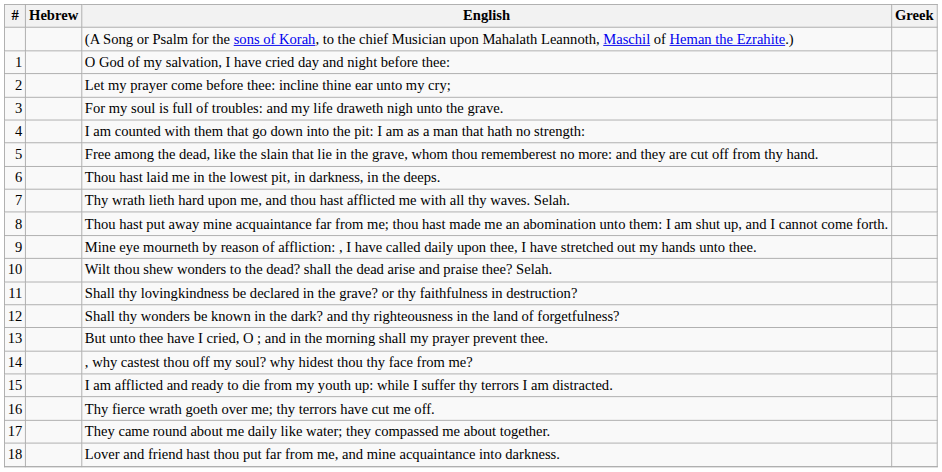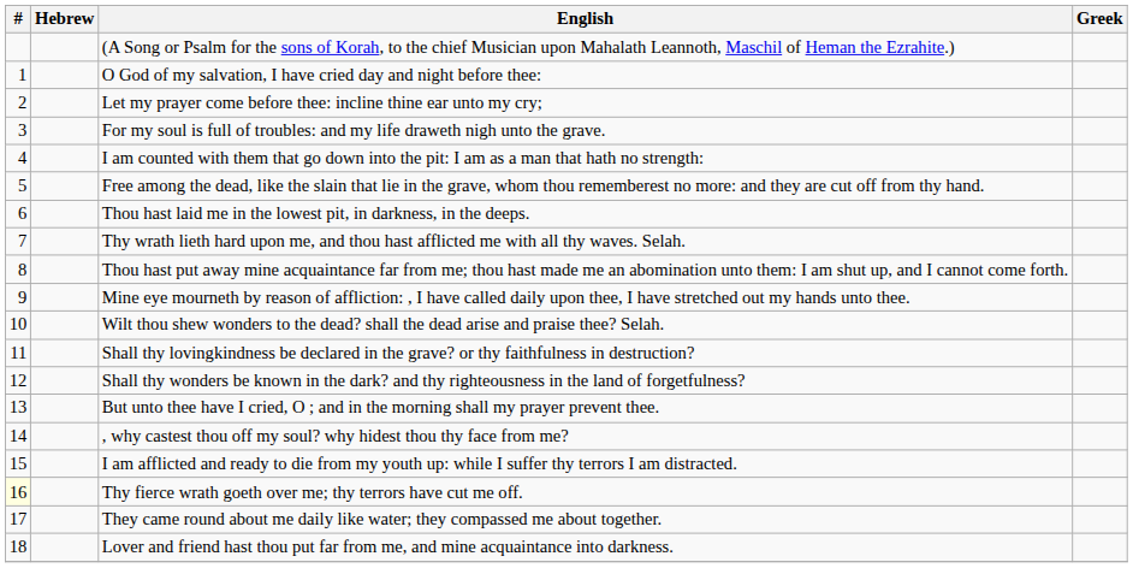 <table class=wikitable>
 <tr>
 <th>#</th>
 <th>Hebrew</th>
 <th>English</th>
 <th>Greek</th>
 </tr>
 <tr>
 <td style="text-align:right"></td>
 <td style="text-align:right"></td>
 <td>(A Song or Psalm for the <a href='#'>sons of Korah</a>, to the chief Musician upon Mahalath Leannoth, <a href='#'>Maschil</a> of <a href='#'>Heman the Ezrahite</a>.)</td>
 <td></td>
 </tr>
 <tr>
 <td style="text-align:right">1</td>
 <td style="text-align:right"></td>
 <td>O  God of my salvation, I have cried day and night before thee:</td>
 <td></td>
 </tr>
 <tr>
 <td style="text-align:right">2</td>
 <td style="text-align:right"></td>
 <td>Let my prayer come before thee: incline thine ear unto my cry;</td>
 <td></td>
 </tr>
 <tr>
 <td style="text-align:right">3</td>
 <td style="text-align:right"></td>
 <td>For my soul is full of troubles: and my life draweth nigh unto the grave.</td>
 <td></td>
 </tr>
 <tr>
 <td style="text-align:right">4</td>
 <td style="text-align:right"></td>
 <td>I am counted with them that go down into the pit: I am as a man that hath no strength:</td>
 <td></td>
 </tr>
 <tr>
 <td style="text-align:right">5</td>
 <td style="text-align:right"></td>
 <td>Free among the dead, like the slain that lie in the grave, whom thou rememberest no more: and they are cut off from thy hand.</td>
 <td></td>
 </tr>
 <tr>
 <td style="text-align:right">6</td>
 <td style="text-align:right"></td>
 <td>Thou hast laid me in the lowest pit, in darkness, in the deeps.</td>
 <td></td>
 </tr>
 <tr>
 <td style="text-align:right">7</td>
 <td style="text-align:right"></td>
 <td>Thy wrath lieth hard upon me, and thou hast afflicted me with all thy waves. Selah.</td>
 <td></td>
 </tr>
 <tr>
 <td style="text-align:right">8</td>
 <td style="text-align:right"></td>
 <td>Thou hast put away mine acquaintance far from me; thou hast made me an abomination unto them: I am shut up, and I cannot come forth.</td>
 <td></td>
 </tr>
 <tr>
 <td style="text-align:right">9</td>
 <td style="text-align:right"></td>
 <td>Mine eye mourneth by reason of affliction: , I have called daily upon thee, I have stretched out my hands unto thee.</td>
 <td></td>
 </tr>
 <tr>
 <td style="text-align:right">10</td>
 <td style="text-align:right"></td>
 <td>Wilt thou shew wonders to the dead? shall the dead arise and praise thee? Selah.</td>
 <td></td>
 </tr>
 <tr>
 <td style="text-align:right">11</td>
 <td style="text-align:right"></td>
 <td>Shall thy lovingkindness be declared in the grave? or thy faithfulness in destruction?</td>
 <td></td>
 </tr>
 <tr>
 <td style="text-align:right">12</td>
 <td style="text-align:right"></td>
 <td>Shall thy wonders be known in the dark? and thy righteousness in the land of forgetfulness?</td>
 <td></td>
 </tr>
 <tr>
 <td style="text-align:right">13</td>
 <td style="text-align:right"></td>
 <td>But unto thee have I cried, O ; and in the morning shall my prayer prevent thee.</td>
 <td></td>
 </tr>
 <tr>
 <td style="text-align:right">14</td>
 <td style="text-align:right"></td>
 <td>, why castest thou off my soul? why hidest thou thy face from me?</td>
 <td></td>
 </tr>
 <tr>
 <td style="text-align:right">15</td>
 <td style="text-align:right"></td>
 <td>I am afflicted and ready to die from my youth up: while I suffer thy terrors I am distracted.</td>
 <td></td>
 </tr>
 <tr>
-<td style="text-align:right">16</td>
+<td style="background: lightyellow; text-align:right">16</td>
 <td style="text-align:right"></td>
 <td>Thy fierce wrath goeth over me; thy terrors have cut me off.</td>
 <td></td>
 </tr>
 <tr>
 <td style="text-align:right">17</td>
 <td style="text-align:right"></td>
 <td>They came round about me daily like water; they compassed me about together.</td>
 <td></td>
 </tr>
 <tr>
 <td style="text-align:right">18</td>
 <td style="text-align:right"></td>
 <td>Lover and friend hast thou put far from me, and mine acquaintance into darkness.</td>
 <td></td>
 </tr>
 <tr>
 </tr>
 </table>
